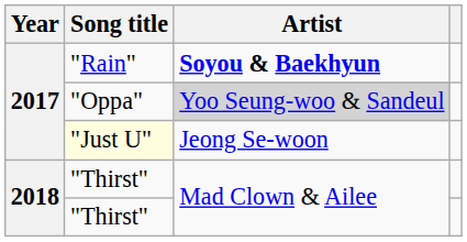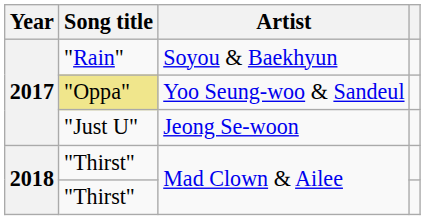 <table class="wikitable plainrowheaders sortable">
 <tr>
 <th scope="col">Year</th>
 <th scope="col">Song title</th>
 <th scope="col">Artist</th>
 <th scope="col" class="unsortable"></th>
 </tr>
 <tr>
 <th scope="row"  rowspan="3">2017</th>
 <td>"<a href='#'>Rain</a>"</td>
-<td><strong><a href='#'>Soyou</a> & <a href='#'>Baekhyun</a></strong></td>
+<td><a href='#'>Soyou</a> & <a href='#'>Baekhyun</a></td>
 <td style="text-align:center"></td>
 </tr>
 <tr>
-<td>"Oppa"</td>
-<td style="background: lightgrey;"><a href='#'>Yoo Seung-woo</a> & <a href='#'>Sandeul</a></td>
+<td style="background: khaki;">"Oppa"</td>
+<td><a href='#'>Yoo Seung-woo</a> & <a href='#'>Sandeul</a></td>
 <td style="text-align:center"></td>
 </tr>
 <tr>
-<td style="background: lightyellow;">"Just U"</td>
+<td>"Just U"</td>
 <td><a href='#'>Jeong Se-woon</a> </td>
 <td style="text-align:center"></td>
 </tr>
 <tr>
 <th scope="row"  rowspan="2">2018</th>
 <td>"Thirst"</td>
 <td rowspan="2"><a href='#'>Mad Clown</a> & <a href='#'>Ailee</a></td>
 <td style="text-align:center"></td>
 </tr>
 <tr>
 <td>"Thirst" </td>
 <td style="text-align:center"></td>
 </tr>
 </table>
